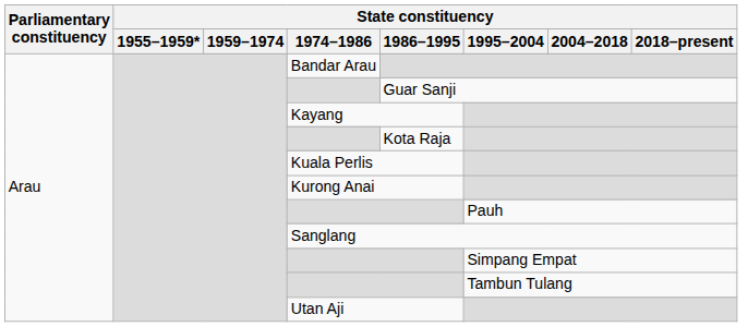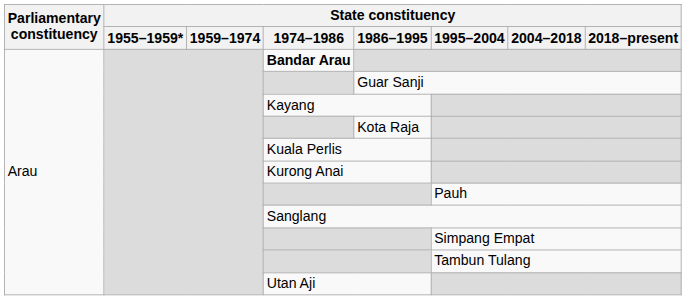 <table class="wikitable">
 <tr>
 <th rowspan="2">Parliamentary<br>constituency</th>
 <th colspan="7">State constituency</th>
 </tr>
 <tr>
 <th>1955–1959*</th>
 <th>1959–1974</th>
 <th>1974–1986</th>
 <th>1986–1995</th>
 <th>1995–2004</th>
 <th>2004–2018</th>
 <th>2018–present</th>
 </tr>
 <tr>
 <td rowspan="11">Arau</td>
 <td colspan="2" rowspan="11" bgcolor="dcdcdc"></td>
-<td>Bandar Arau</td>
+<td><strong>Bandar Arau</strong></td>
 <td colspan="4" bgcolor="dcdcdc"></td>
 </tr>
 <tr>
 <td bgcolor="dcdcdc"></td>
 <td colspan="4">Guar Sanji</td>
 </tr>
 <tr>
 <td colspan="2">Kayang</td>
 <td colspan="3" bgcolor="dcdcdc"></td>
 </tr>
 <tr>
 <td bgcolor="dcdcdc"></td>
 <td>Kota Raja</td>
 <td colspan="3" bgcolor="dcdcdc"></td>
 </tr>
 <tr>
 <td colspan="2">Kuala Perlis</td>
 <td colspan="3" bgcolor="dcdcdc"></td>
 </tr>
 <tr>
 <td colspan="2">Kurong Anai</td>
 <td colspan="3" bgcolor="dcdcdc"></td>
 </tr>
 <tr>
 <td colspan="2" bgcolor="dcdcdc"></td>
 <td colspan="3">Pauh</td>
 </tr>
 <tr>
 <td colspan="5">Sanglang</td>
 </tr>
 <tr>
 <td colspan="2" bgcolor="dcdcdc"></td>
 <td colspan="3">Simpang Empat</td>
 </tr>
 <tr>
 <td colspan="2" bgcolor="dcdcdc"></td>
 <td colspan="3">Tambun Tulang</td>
 </tr>
 <tr>
 <td colspan="2">Utan Aji</td>
 <td colspan="3" bgcolor="dcdcdc"></td>
 </tr>
 </table>
